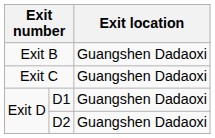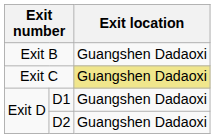 <table class="wikitable">
 <tr>
 <th style="width:70px" colspan="2">Exit number</th>
 <th>Exit location</th>
 </tr>
 <tr>
 <td align="center" colspan="2">Exit B</td>
 <td>Guangshen Dadaoxi</td>
 </tr>
 <tr>
 <td align="center" colspan="2">Exit C</td>
-<td>Guangshen Dadaoxi</td>
+<td style="background: khaki;">Guangshen Dadaoxi</td>
 </tr>
 <tr>
 <td align="center" rowspan="2">Exit D</td>
 <td>D1</td>
 <td>Guangshen Dadaoxi</td>
 </tr>
 <tr>
 <td>D2</td>
 <td>Guangshen Dadaoxi</td>
 </tr>
 </table>
